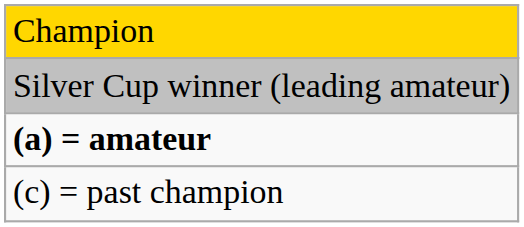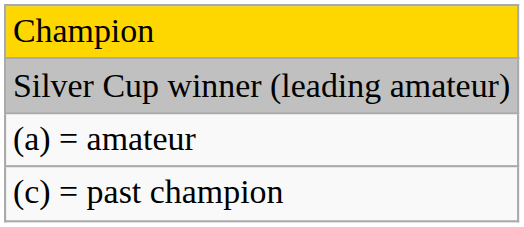 <table class="wikitable">
 <tr style="background:gold">
 <td>Champion</td>
 </tr>
 <tr>
 </tr>
 <tr style="background:silver">
 <td>Silver Cup winner (leading amateur)</td>
 </tr>
 <tr>
-<td><strong>(a) = amateur</strong></td>
+<td>(a) = amateur</td>
 </tr>
 <tr>
 <td>(c) = past champion</td>
 </tr>
 </table>
